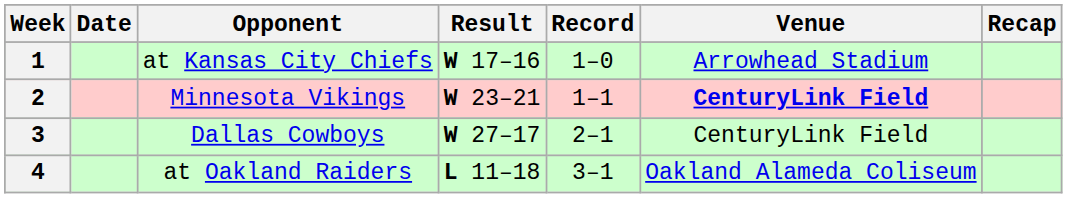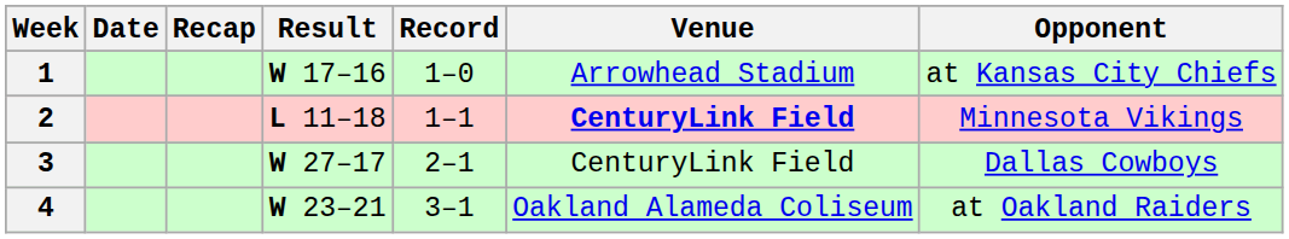 <table class="wikitable" style="text-align:center">
 <tr>
 <th>Week</th>
 <th>Date</th>
-<th>Opponent</th>
+<th>Recap</th>
 <th>Result</th>
 <th>Record</th>
 <th>Venue</th>
-<th>Recap</th>
+<th>Opponent</th>
 </tr>
 <tr style="background:#cfc">
 <th>1</th>
 <td></td>
-<td>at <a href='#'>Kansas City Chiefs</a></td>
+<td></td>
 <td><strong>W</strong> 17–16</td>
 <td>1–0</td>
 <td><a href='#'>Arrowhead Stadium</a></td>
-<td></td>
+<td>at <a href='#'>Kansas City Chiefs</a></td>
 </tr>
 <tr style="background:#fcc">
 <th>2</th>
 <td></td>
-<td><a href='#'>Minnesota Vikings</a></td>
-<td><strong>W</strong> 23–21</td>
+<td></td>
+<td><strong>L</strong> 11–18</td>
 <td>1–1</td>
 <td><strong><a href='#'>CenturyLink Field</a></strong></td>
-<td></td>
+<td><a href='#'>Minnesota Vikings</a></td>
 </tr>
 <tr style="background:#cfc">
 <th>3</th>
 <td></td>
-<td><a href='#'>Dallas Cowboys</a></td>
+<td></td>
 <td><strong>W</strong> 27–17</td>
 <td>2–1</td>
 <td>CenturyLink Field</td>
-<td></td>
+<td><a href='#'>Dallas Cowboys</a></td>
 </tr>
 <tr style="background:#cfc">
 <th>4</th>
 <td></td>
-<td>at <a href='#'>Oakland Raiders</a></td>
-<td><strong>L</strong> 11–18</td>
+<td></td>
+<td><strong>W</strong> 23–21</td>
 <td>3–1</td>
 <td><a href='#'>Oakland Alameda Coliseum</a></td>
-<td></td>
+<td>at <a href='#'>Oakland Raiders</a></td>
 </tr>
 </table>
